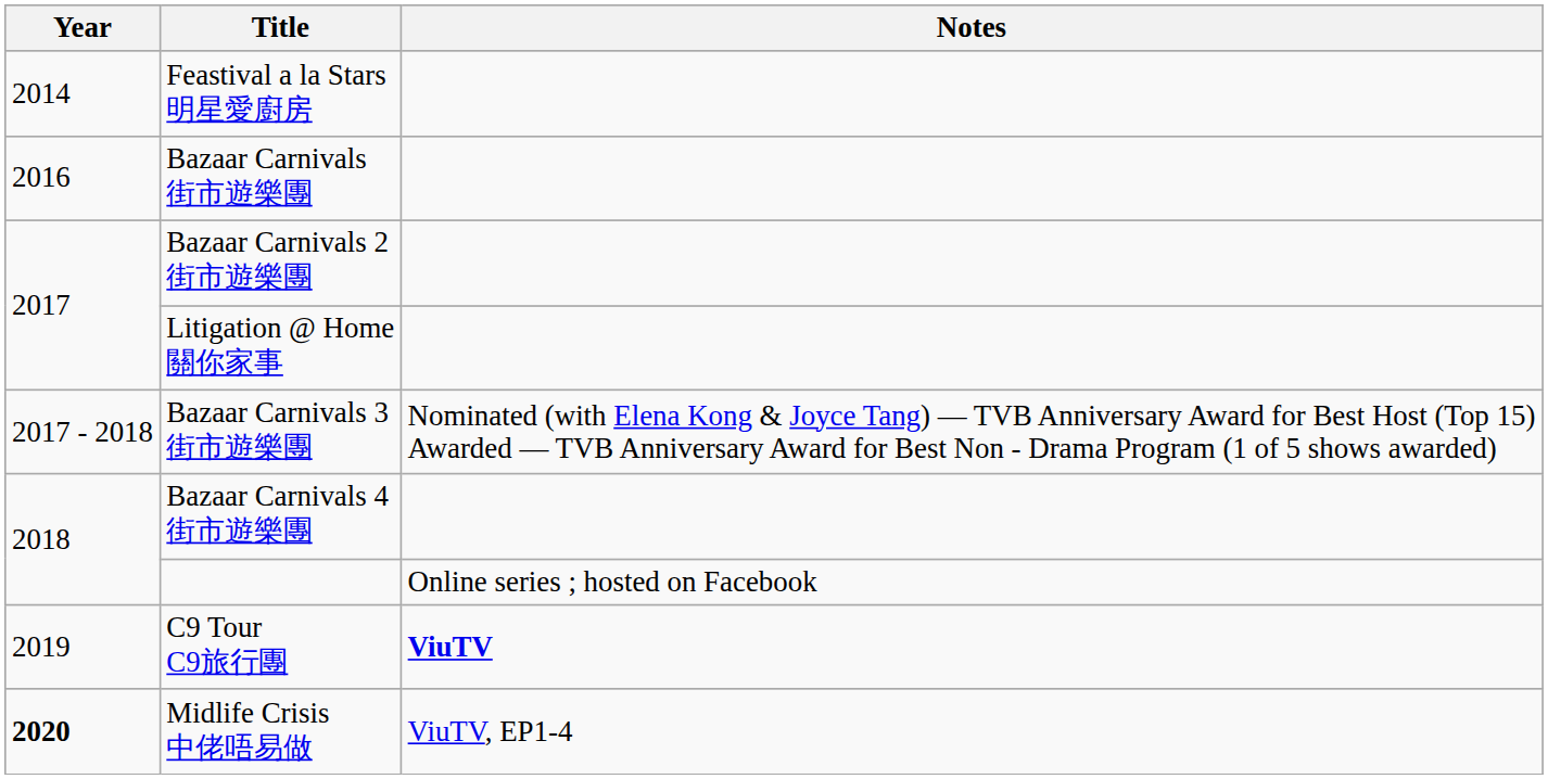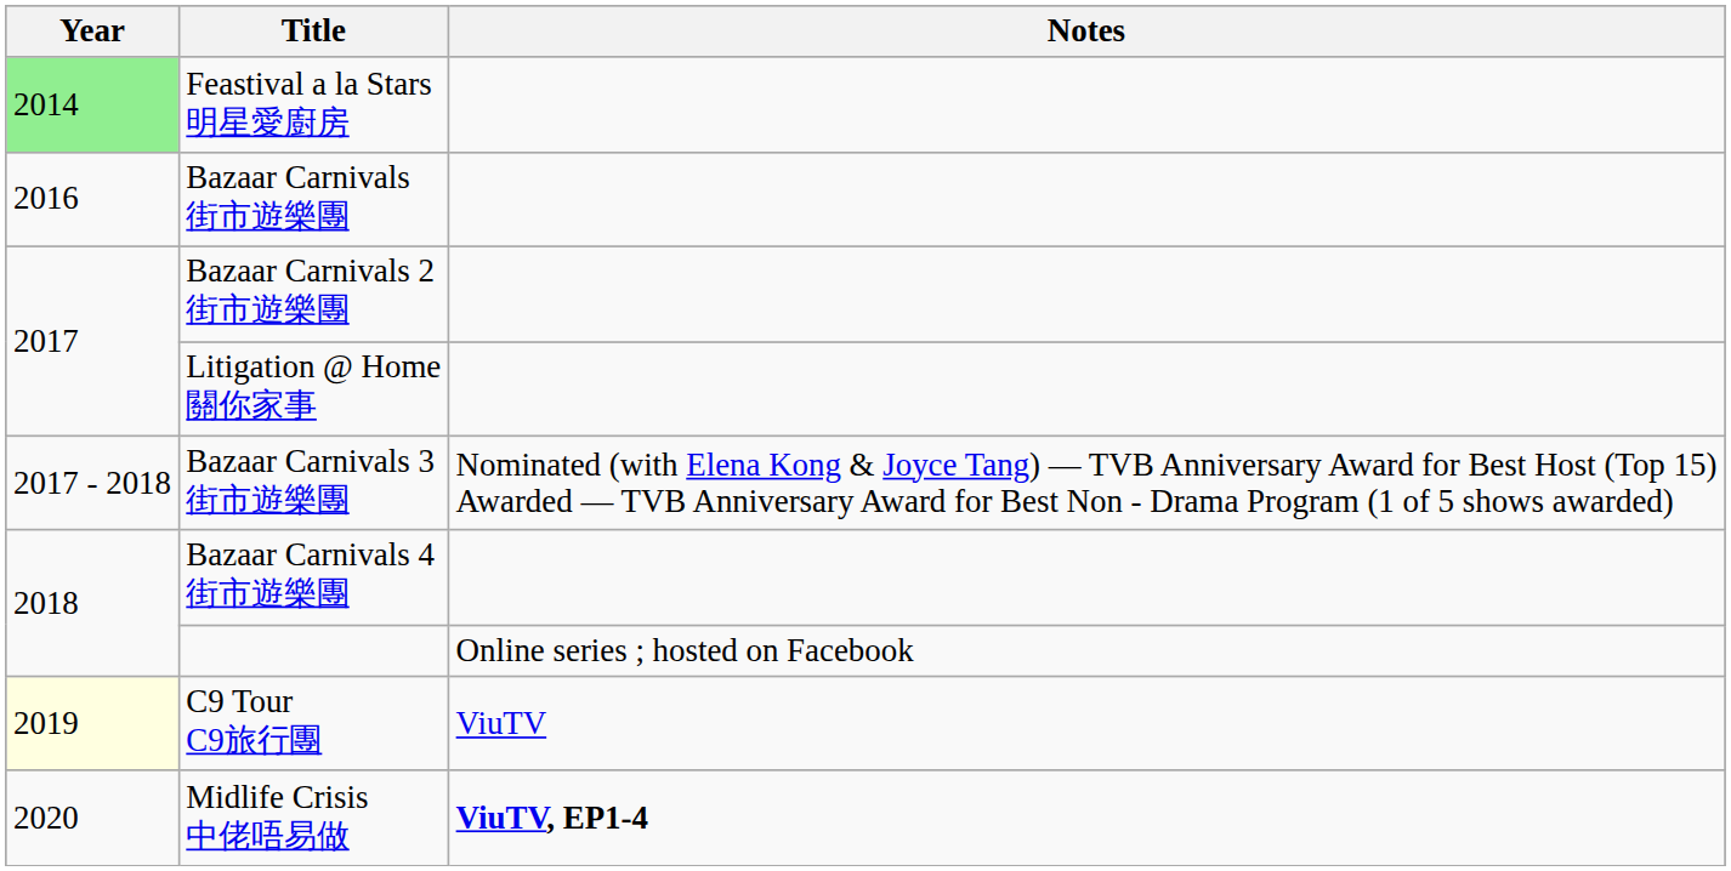 <table class="wikitable plainrowheaders sortable">
 <tr>
 <th scope="col">Year</th>
 <th scope="col">Title</th>
 <th scope="col" class="unsortable">Notes</th>
 </tr>
 <tr>
-<td>2014</td>
+<td style="background: lightgreen;">2014</td>
 <td>Feastival a la Stars<br><a href='#'>明星愛廚房</a></td>
 <td></td>
 </tr>
 <tr>
 <td rowspan="1">2016</td>
 <td>Bazaar Carnivals  <br> <a href='#'>街市遊樂團</a></td>
 <td></td>
 </tr>
 <tr>
 <td rowspan="2">2017</td>
 <td>Bazaar Carnivals 2 <br> <a href='#'>街市遊樂團</a></td>
 <td></td>
 </tr>
 <tr>
 <td>Litigation @ Home<br><a href='#'>關你家事</a></td>
 <td></td>
 </tr>
 <tr>
 <td rowspan="1">2017 - 2018</td>
 <td>Bazaar Carnivals 3 <br> <a href='#'>街市遊樂團</a></td>
 <td>Nominated (with <a href='#'>Elena Kong</a> & <a href='#'>Joyce Tang</a>) — TVB Anniversary Award for Best Host (Top 15)<br>Awarded — TVB Anniversary Award for Best Non - Drama Program (1 of 5 shows awarded)</td>
 </tr>
 <tr>
 <td rowspan="2">2018</td>
 <td>Bazaar Carnivals 4 <br> <a href='#'>街市遊樂團</a></td>
 <td></td>
 </tr>
 <tr>
 <td></td>
 <td>Online series ; hosted on Facebook</td>
 </tr>
 <tr>
-<td rowspan="1">2019</td>
+<td rowspan="1" style="background: lightyellow;">2019</td>
 <td>C9 Tour  <br> <a href='#'>C9旅行團</a></td>
-<td><strong><a href='#'>ViuTV</a></strong></td>
+<td><a href='#'>ViuTV</a></td>
 </tr>
 <tr>
-<td rowspan="1"><strong>2020</strong></td>
+<td rowspan="1">2020</td>
 <td>Midlife Crisis  <br> <a href='#'>中佬唔易做</a></td>
-<td><a href='#'>ViuTV</a>, EP1-4</td>
+<td><strong><a href='#'>ViuTV</a>, EP1-4</strong></td>
 </tr>
 </table>
